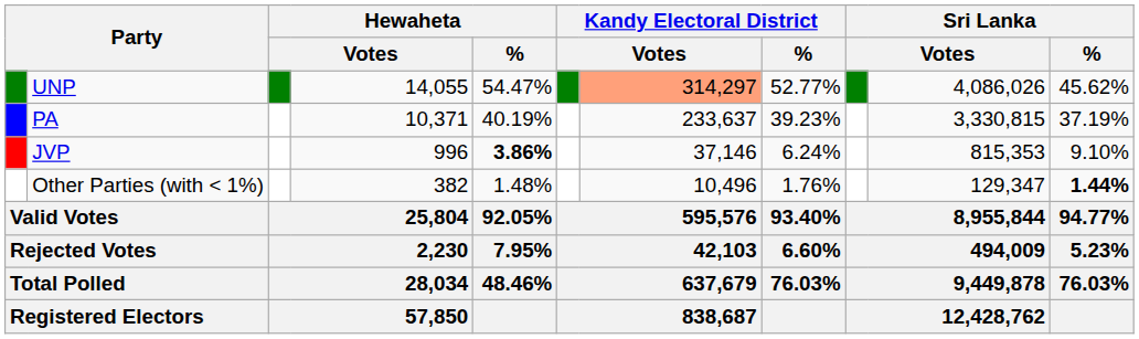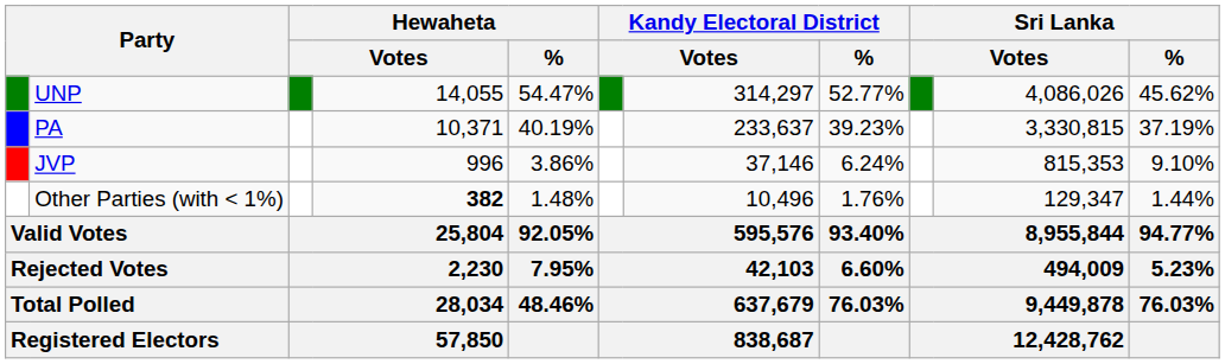 <table class="wikitable">
 <tr>
 <th colspan="2" width="144px"rowspan="2">Party</th>
 <th colspan="3" width="216px">Hewaheta</th>
 <th colspan="3" width="216px"><a href='#'>Kandy Electoral District</a></th>
 <th colspan="3" width="216px">Sri Lanka</th>
 </tr>
 <tr>
 <th colspan="2" width="144px">Votes</th>
 <th>%</th>
 <th colspan="2" width="144px">Votes</th>
 <th>%</th>
 <th colspan="2" width="144px">Votes</th>
 <th>%</th>
 </tr>
 <tr>
 <td style="background-color:green;" width="10px"></td>
 <td style="text-align:left;"><a href='#'>UNP</a></td>
 <td style="background-color:green;" width="10px"></td>
 <td style="text-align:right;">14,055</td>
 <td style="text-align:right;">54.47%</td>
 <td style="background-color:green;" width="10px"></td>
-<td style="background: lightsalmon; text-align:right;">314,297</td>
+<td style="text-align:right;">314,297</td>
 <td style="text-align:right;">52.77%</td>
 <td style="background-color:green;" width="10px"></td>
 <td style="text-align:right;">4,086,026</td>
 <td style="text-align:right;">45.62%</td>
 </tr>
 <tr>
 <td style="background-color:blue;" width="10px"></td>
 <td style="text-align:left;"><a href='#'>PA</a></td>
 <td style="background-color:white;" width="10px"></td>
 <td style="text-align:right;">10,371</td>
 <td style="text-align:right;">40.19%</td>
 <td style="background-color:white;" width="10px"></td>
 <td style="text-align:right;">233,637</td>
 <td style="text-align:right;">39.23%</td>
 <td style="background-color:white;" width="10px"></td>
 <td style="text-align:right;">3,330,815</td>
 <td style="text-align:right;">37.19%</td>
 </tr>
 <tr>
 <td style="background-color:red;" width="10px"></td>
 <td style="text-align:left;"><a href='#'>JVP</a></td>
 <td style="background-color:white;" width="10px"></td>
 <td style="text-align:right;">996</td>
-<td style="text-align:right;"><strong>3.86%</strong></td>
+<td style="text-align:right;">3.86%</td>
 <td style="background-color:white;" width="10px"></td>
 <td style="text-align:right;">37,146</td>
 <td style="text-align:right;">6.24%</td>
 <td style="background-color:white;" width="10px"></td>
 <td style="text-align:right;">815,353</td>
 <td style="text-align:right;">9.10%</td>
 </tr>
 <tr>
 <td style="background-color:white;" width="10px"></td>
 <td style="text-align:left;">Other Parties (with < 1%)</td>
 <td style="background-color:white;" width="10px"></td>
-<td style="text-align:right;">382</td>
+<td style="text-align:right;"><strong>382</strong></td>
 <td style="text-align:right;">1.48%</td>
 <td style="background-color:white;" width="10px"></td>
 <td style="text-align:right;">10,496</td>
 <td style="text-align:right;">1.76%</td>
 <td style="background-color:white;" width="10px"></td>
 <td style="text-align:right;">129,347</td>
-<td style="text-align:right;"><strong>1.44%</strong></td>
+<td style="text-align:right;">1.44%</td>
 </tr>
 <tr>
 <th colspan="2" width="144px"style="text-align:left;">Valid Votes</th>
 <th style="text-align:right;"colspan="2" width="144px">25,804</th>
 <th style="text-align:right;">92.05%</th>
 <th style="text-align:right;"colspan="2" width="144px">595,576</th>
 <th style="text-align:right;">93.40%</th>
 <th style="text-align:right;"colspan="2" width="144px">8,955,844</th>
 <th style="text-align:right;">94.77%</th>
 </tr>
 <tr>
 <th colspan="2" width="144px"style="text-align:left;">Rejected Votes</th>
 <th style="text-align:right;"colspan="2" width="144px">2,230</th>
 <th style="text-align:right;">7.95%</th>
 <th style="text-align:right;"colspan="2" width="144px">42,103</th>
 <th style="text-align:right;">6.60%</th>
 <th style="text-align:right;"colspan="2" width="144px">494,009</th>
 <th style="text-align:right;">5.23%</th>
 </tr>
 <tr>
 <th colspan="2" width="144px"style="text-align:left;">Total Polled</th>
 <th style="text-align:right;"colspan="2" width="144px">28,034</th>
 <th style="text-align:right;">48.46%</th>
 <th style="text-align:right;"colspan="2" width="144px">637,679</th>
 <th style="text-align:right;">76.03%</th>
 <th style="text-align:right;"colspan="2" width="144px">9,449,878</th>
 <th style="text-align:right;">76.03%</th>
 </tr>
 <tr>
 <th colspan="2" width="144px"style="text-align:left;">Registered Electors</th>
 <th style="text-align:right;"colspan="2" width="144px">57,850</th>
 <th></th>
 <th style="text-align:right;"colspan="2" width="144px">838,687</th>
 <th></th>
 <th style="text-align:right;"colspan="2" width="144px">12,428,762</th>
 <th></th>
 </tr>
 </table>
